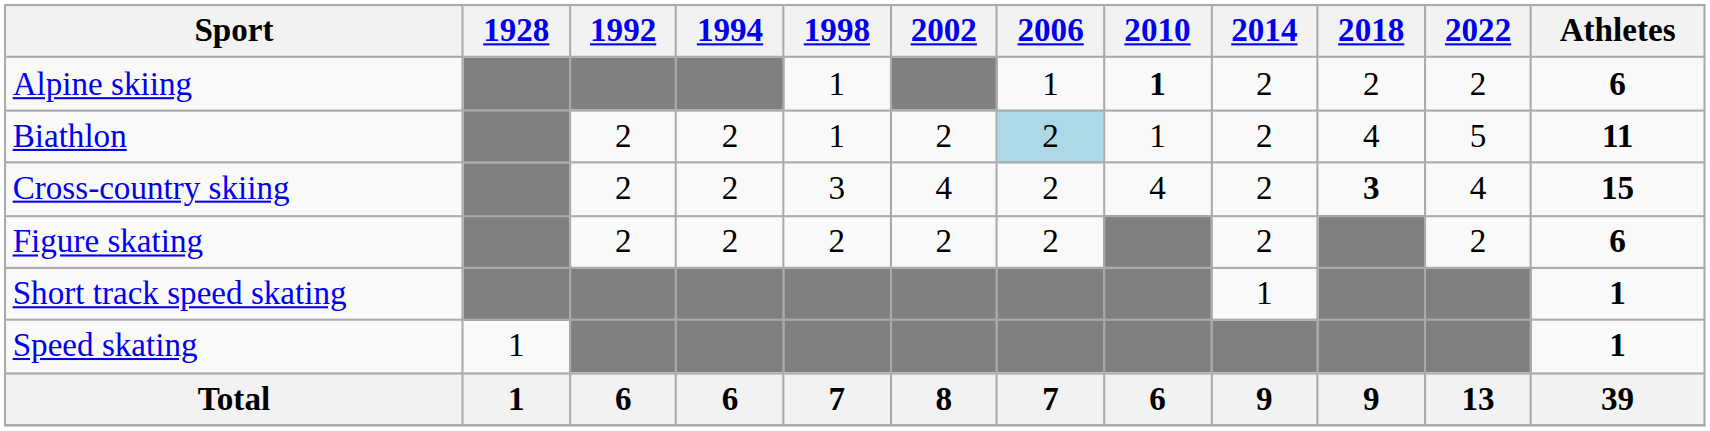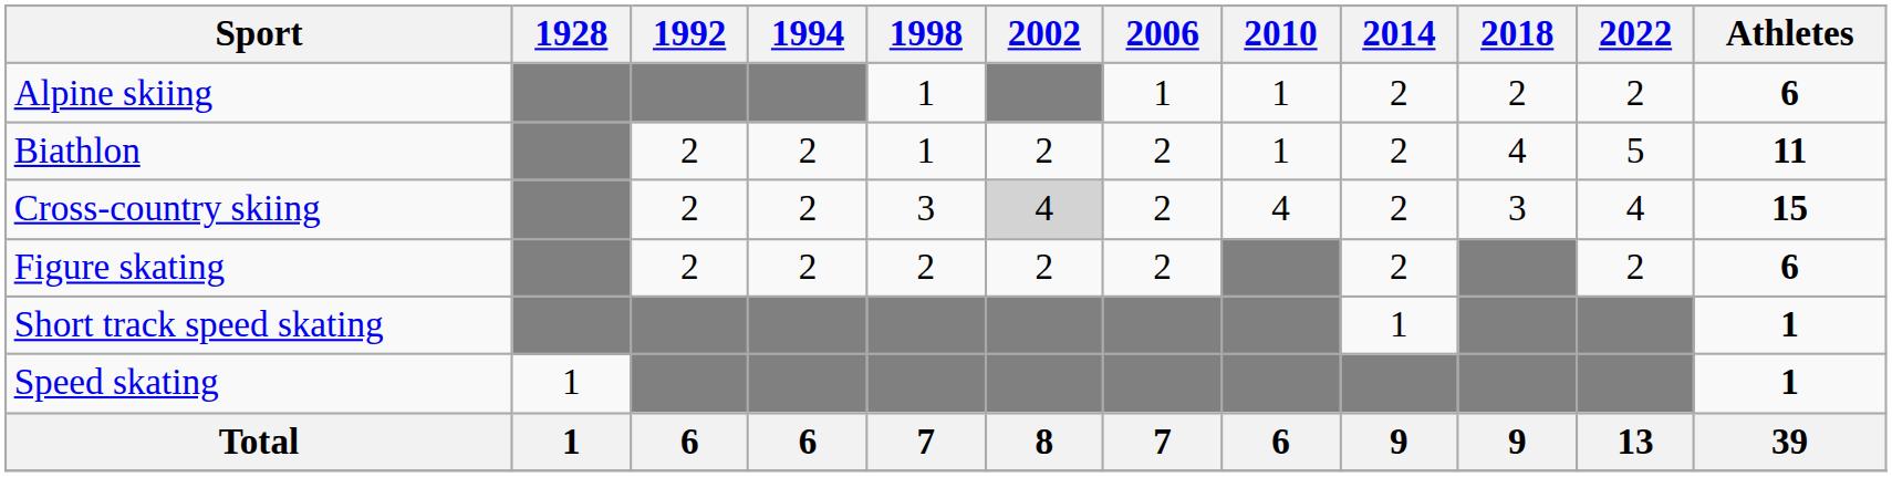 <table class="wikitable" width=65%>
 <tr>
 <th>Sport</th>
 <th><a href='#'>1928</a></th>
 <th><a href='#'>1992</a></th>
 <th><a href='#'>1994</a></th>
 <th><a href='#'>1998</a></th>
 <th><a href='#'>2002</a></th>
 <th><a href='#'>2006</a></th>
 <th><a href='#'>2010</a></th>
 <th><a href='#'>2014</a></th>
 <th><a href='#'>2018</a></th>
 <th><a href='#'>2022</a></th>
 <th>Athletes</th>
 </tr>
 <tr>
 <td><a href='#'>Alpine skiing</a></td>
 <td bgcolor=grey></td>
 <td bgcolor=grey></td>
 <td bgcolor=grey></td>
 <td align=center>1</td>
 <td bgcolor=grey></td>
 <td align=center>1</td>
-<td align=center><strong>1</strong></td>
+<td align=center>1</td>
 <td align=center>2</td>
 <td align=center>2</td>
 <td align=center>2</td>
 <td align=center><strong>6</strong></td>
 </tr>
 <tr>
 <td><a href='#'>Biathlon</a></td>
 <td bgcolor=grey></td>
 <td align=center>2</td>
 <td align=center>2</td>
 <td align=center>1</td>
 <td align=center>2</td>
-<td align=center style="background: lightblue;">2</td>
+<td align=center>2</td>
 <td align=center>1</td>
 <td align=center>2</td>
 <td align=center>4</td>
 <td align=center>5</td>
 <td align=center><strong>11</strong></td>
 </tr>
 <tr>
 <td><a href='#'>Cross-country skiing</a></td>
 <td bgcolor=grey></td>
 <td align=center>2</td>
 <td align=center>2</td>
 <td align=center>3</td>
-<td align=center>4</td>
+<td align=center style="background: lightgrey;">4</td>
 <td align=center>2</td>
 <td align=center>4</td>
 <td align=center>2</td>
-<td align=center><strong>3</strong></td>
+<td align=center>3</td>
 <td align=center>4</td>
 <td align=center><strong>15</strong></td>
 </tr>
 <tr>
 <td><a href='#'>Figure skating</a></td>
 <td bgcolor=grey></td>
 <td align=center>2</td>
 <td align=center>2</td>
 <td align=center>2</td>
 <td align=center>2</td>
 <td align=center>2</td>
 <td bgcolor=grey></td>
 <td align=center>2</td>
 <td bgcolor=grey></td>
 <td align=center>2</td>
 <td align=center><strong>6</strong></td>
 </tr>
 <tr>
 <td><a href='#'>Short track speed skating</a></td>
 <td bgcolor=grey></td>
 <td bgcolor=grey></td>
 <td bgcolor=grey></td>
 <td bgcolor=grey></td>
 <td bgcolor=grey></td>
 <td bgcolor=grey></td>
 <td bgcolor=grey></td>
 <td align=center>1</td>
 <td bgcolor=grey></td>
 <td bgcolor=grey></td>
 <td align=center><strong>1</strong></td>
 </tr>
 <tr>
 <td><a href='#'>Speed skating</a></td>
 <td align=center>1</td>
 <td bgcolor=grey></td>
 <td bgcolor=grey></td>
 <td bgcolor=grey></td>
 <td bgcolor=grey></td>
 <td bgcolor=grey></td>
 <td bgcolor=grey></td>
 <td bgcolor=grey></td>
 <td bgcolor=grey></td>
 <td bgcolor=grey></td>
 <td align=center><strong>1</strong></td>
 </tr>
 <tr>
 <th>Total</th>
 <th>1</th>
 <th>6</th>
 <th>6</th>
 <th>7</th>
 <th>8</th>
 <th>7</th>
 <th>6</th>
 <th>9</th>
 <th>9</th>
 <th>13</th>
 <th><strong>39</strong></th>
 </tr>
 <tr>
 </tr>
 </table>
